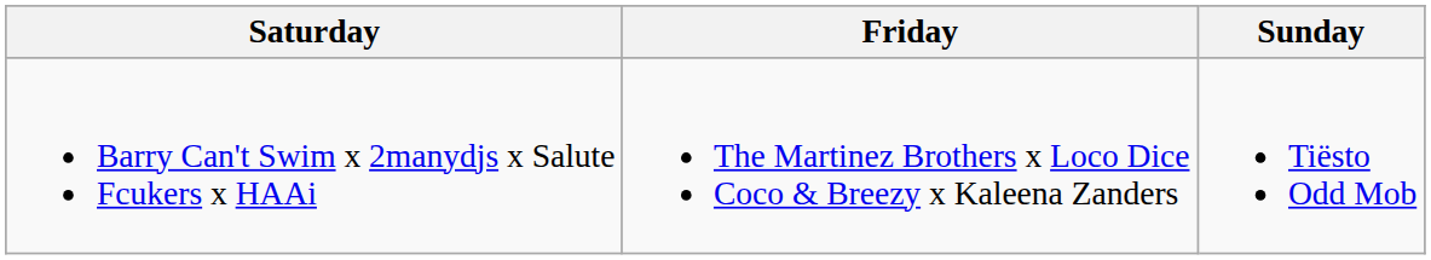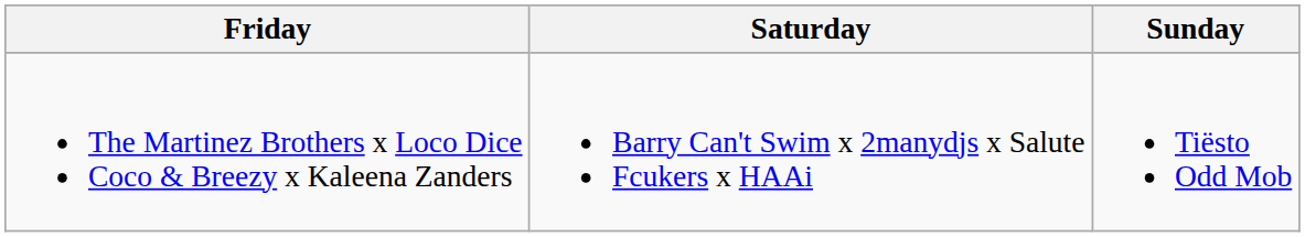 <table class="wikitable">
 <tr>
+<th>Friday</th>
 <th>Saturday</th>
-<th>Friday</th>
 <th>Sunday</th>
 </tr>
 <tr valign="top">
+<td><br><ul><li><a href='#'>The Martinez Brothers</a> x <a href='#'>Loco Dice</a></li><li><a href='#'>Coco & Breezy</a> x Kaleena Zanders</li></ul></td>
 <td><br><ul><li><a href='#'>Barry Can't Swim</a> x <a href='#'>2manydjs</a> x Salute</li><li><a href='#'>Fcukers</a> x <a href='#'>HAAi</a></li></ul></td>
-<td><br><ul><li><a href='#'>The Martinez Brothers</a> x <a href='#'>Loco Dice</a></li><li><a href='#'>Coco & Breezy</a> x Kaleena Zanders</li></ul></td>
 <td><br><ul><li><a href='#'>Tiësto</a></li><li><a href='#'>Odd Mob</a></li></ul></td>
 </tr>
 </table>
